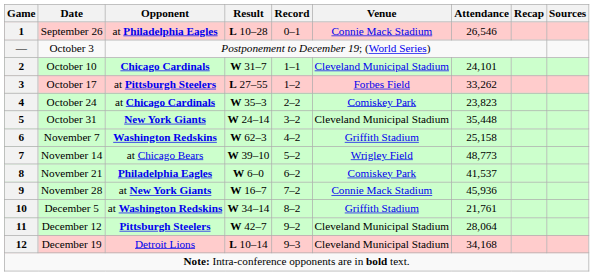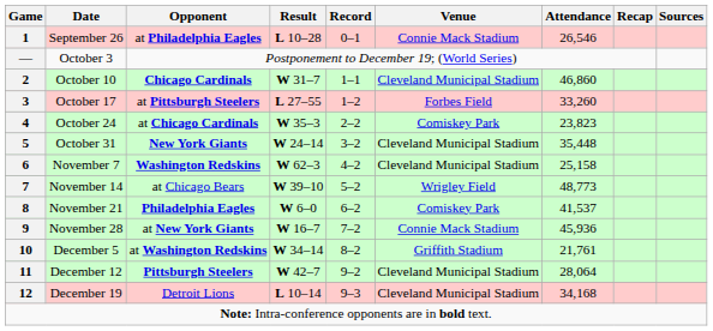 <table class="wikitable" style="text-align:center">
 <tr>
 <th>Game</th>
 <th>Date</th>
 <th>Opponent</th>
 <th>Result</th>
 <th>Record</th>
 <th>Venue</th>
 <th>Attendance</th>
 <th>Recap</th>
 <th>Sources</th>
 </tr>
 <tr style="background:#fcc">
 <th>1</th>
 <td>September 26</td>
 <td>at <strong><a href='#'>Philadelphia Eagles</a></strong></td>
 <td><strong>L</strong> 10–28</td>
 <td>0–1</td>
 <td><a href='#'>Connie Mack Stadium</a></td>
 <td>26,546</td>
 <td></td>
 <td></td>
 </tr>
 <tr>
 <th>—</th>
 <td>October 3</td>
 <td align=center colspan=6><em>Postponement to December 19</em>; (<a href='#'>World Series</a>)</td>
 </tr>
 <tr style="background:#cfc">
 <th>2</th>
 <td>October 10</td>
 <td><strong><a href='#'>Chicago Cardinals</a></strong></td>
 <td><strong>W</strong> 31–7</td>
 <td>1–1</td>
 <td><a href='#'>Cleveland Municipal Stadium</a></td>
-<td>24,101</td>
+<td>46,860</td>
 <td></td>
 <td></td>
 </tr>
 <tr style="background:#fcc">
 <th>3</th>
 <td>October 17</td>
 <td>at <strong><a href='#'>Pittsburgh Steelers</a></strong></td>
 <td><strong>L</strong> 27–55</td>
 <td>1–2</td>
 <td><a href='#'>Forbes Field</a></td>
-<td>33,262</td>
+<td>33,260</td>
 <td></td>
 <td></td>
 </tr>
 <tr style="background:#cfc">
 <th>4</th>
 <td>October 24</td>
 <td>at <strong><a href='#'>Chicago Cardinals</a></strong></td>
 <td><strong>W</strong> 35–3</td>
 <td>2–2</td>
 <td><a href='#'>Comiskey Park</a></td>
 <td>23,823</td>
 <td></td>
 <td></td>
 </tr>
 <tr style="background:#cfc">
 <th>5</th>
 <td>October 31</td>
 <td><strong><a href='#'>New York Giants</a></strong></td>
 <td><strong>W</strong> 24–14</td>
 <td>3–2</td>
 <td>Cleveland Municipal Stadium</td>
 <td>35,448</td>
 <td></td>
 <td></td>
 </tr>
 <tr style="background:#cfc">
 <th>6</th>
 <td>November 7</td>
 <td><strong><a href='#'>Washington Redskins</a></strong></td>
 <td><strong>W</strong> 62–3</td>
 <td>4–2</td>
-<td><a href='#'>Griffith Stadium</a></td>
+<td>Cleveland Municipal Stadium</td>
 <td>25,158</td>
 <td></td>
 <td></td>
 </tr>
 <tr style="background:#cfc">
 <th>7</th>
 <td>November 14</td>
 <td>at <a href='#'>Chicago Bears</a></td>
 <td><strong>W</strong> 39–10</td>
 <td>5–2</td>
 <td><a href='#'>Wrigley Field</a></td>
 <td>48,773</td>
 <td></td>
 <td></td>
 </tr>
 <tr style="background:#cfc">
 <th>8</th>
 <td>November 21</td>
 <td><strong><a href='#'>Philadelphia Eagles</a></strong></td>
 <td><strong>W</strong> 6–0</td>
 <td>6–2</td>
 <td><a href='#'>Comiskey Park</a></td>
 <td>41,537</td>
 <td></td>
 <td></td>
 </tr>
 <tr style="background:#cfc">
 <th>9</th>
 <td>November 28</td>
 <td>at <strong><a href='#'>New York Giants</a></strong></td>
 <td><strong>W</strong> 16–7</td>
 <td>7–2</td>
 <td><a href='#'>Connie Mack Stadium</a></td>
 <td>45,936</td>
 <td></td>
 <td></td>
 </tr>
 <tr style="background:#cfc">
 <th>10</th>
 <td>December 5</td>
 <td>at <strong><a href='#'>Washington Redskins</a></strong></td>
 <td><strong>W</strong> 34–14</td>
 <td>8–2</td>
 <td><a href='#'>Griffith Stadium</a></td>
 <td>21,761</td>
 <td></td>
 <td></td>
 </tr>
 <tr style="background:#cfc">
 <th>11</th>
 <td>December 12</td>
 <td><strong><a href='#'>Pittsburgh Steelers</a></strong></td>
 <td><strong>W</strong> 42–7</td>
 <td>9–2</td>
 <td>Cleveland Municipal Stadium</td>
 <td>28,064</td>
 <td></td>
 <td></td>
 </tr>
 <tr style="background:#fcc">
 <th>12</th>
 <td>December 19</td>
 <td><a href='#'>Detroit Lions</a></td>
 <td><strong>L</strong> 10–14</td>
 <td>9–3</td>
 <td>Cleveland Municipal Stadium</td>
 <td>34,168</td>
 <td></td>
 <td></td>
 </tr>
 <tr>
 <td colspan="10"><strong>Note:</strong> Intra-conference opponents are in <strong>bold</strong> text.</td>
 </tr>
 </table>
